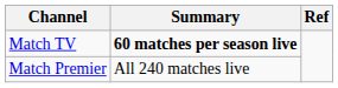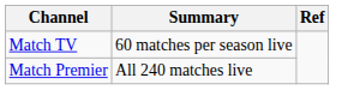 <table class="wikitable">
 <tr>
 <th>Channel</th>
 <th>Summary</th>
 <th>Ref</th>
 </tr>
 <tr>
 <td><a href='#'>Match TV</a></td>
-<td><strong>60 matches per season live</strong></td>
+<td>60 matches per season live</td>
 <td rowspan="2"></td>
 </tr>
 <tr>
 <td><a href='#'>Match Premier</a></td>
 <td>All 240 matches live</td>
 </tr>
 </table>
